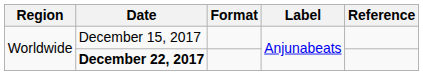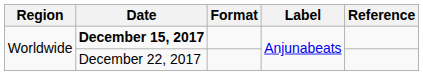 <table class="wikitable">
 <tr>
 <th>Region</th>
 <th>Date</th>
 <th>Format</th>
 <th>Label</th>
 <th>Reference</th>
 </tr>
 <tr>
 <td rowspan="2">Worldwide</td>
-<td>December 15, 2017</td>
+<td><strong>December 15, 2017</strong></td>
 <td></td>
 <td rowspan="2"><a href='#'>Anjunabeats</a></td>
 <td></td>
 </tr>
 <tr>
-<td><strong>December 22, 2017</strong></td>
+<td>December 22, 2017</td>
 <td></td>
 <td></td>
 </tr>
 </table>
